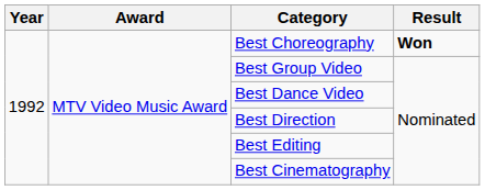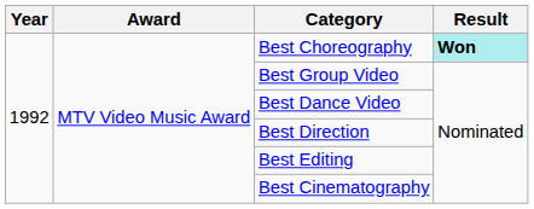 <table class="wikitable">
 <tr>
 <th>Year</th>
 <th>Award</th>
 <th>Category</th>
 <th>Result</th>
 </tr>
 <tr>
 <td rowspan="6">1992</td>
 <td rowspan="6"><a href='#'>MTV Video Music Award</a></td>
 <td><a href='#'>Best Choreography</a></td>
-<td><strong>Won</strong></td>
+<td style="background: paleturquoise;"><strong>Won</strong></td>
 </tr>
 <tr>
 <td><a href='#'>Best Group Video</a></td>
 <td rowspan="5">Nominated</td>
 </tr>
 <tr>
 <td><a href='#'>Best Dance Video</a></td>
 </tr>
 <tr>
 <td><a href='#'>Best Direction</a></td>
 </tr>
 <tr>
 <td><a href='#'>Best Editing</a></td>
 </tr>
 <tr>
 <td><a href='#'>Best Cinematography</a></td>
 </tr>
 </table>
